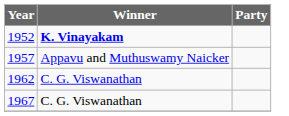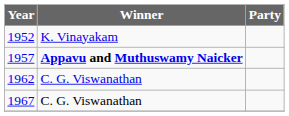 <table class="wikitable">
 <tr>
 <th style="background-color:#666666; color:white">Year</th>
 <th style="background-color:#666666; color:white">Winner</th>
 <th style="background-color:#666666; color:white" colspan="2">Party</th>
 </tr>
 <tr>
 <td><a href='#'>1952</a></td>
-<td><strong><a href='#'>K. Vinayakam</a></strong></td>
+<td><a href='#'>K. Vinayakam</a></td>
 <td></td>
 </tr>
 <tr>
 <td><a href='#'>1957</a></td>
-<td><a href='#'>Appavu</a> and <a href='#'>Muthuswamy Naicker</a></td>
+<td><strong><a href='#'>Appavu</a> and <a href='#'>Muthuswamy Naicker</a></strong></td>
 <td></td>
 </tr>
 <tr>
 <td><a href='#'>1962</a></td>
 <td><a href='#'>C. G. Viswanathan</a></td>
 <td></td>
 </tr>
 <tr>
 <td><a href='#'>1967</a></td>
 <td>C. G. Viswanathan</td>
 <td></td>
 </tr>
 <tr>
 </tr>
 </table>
